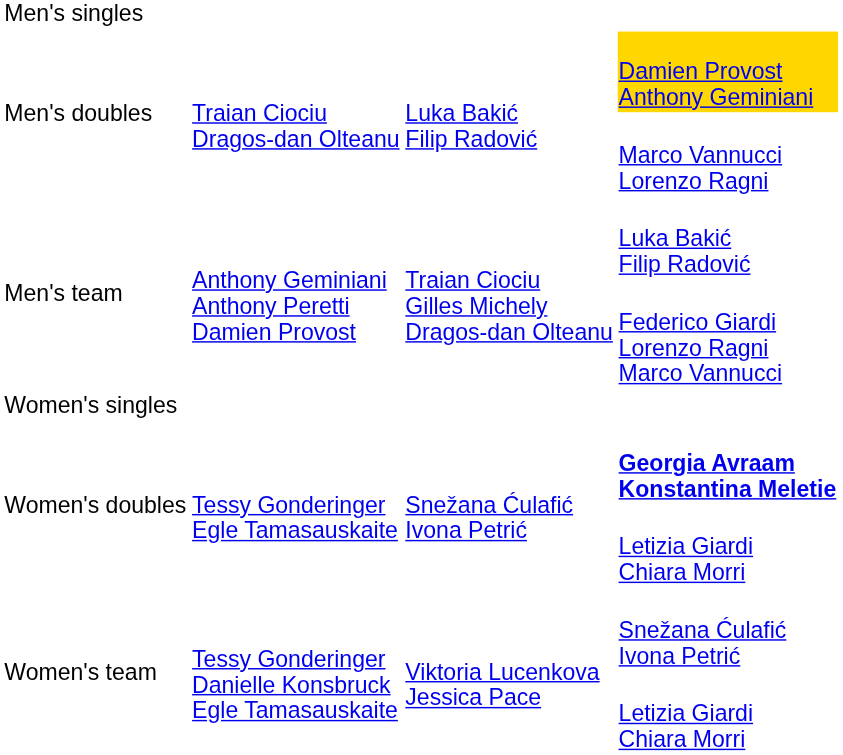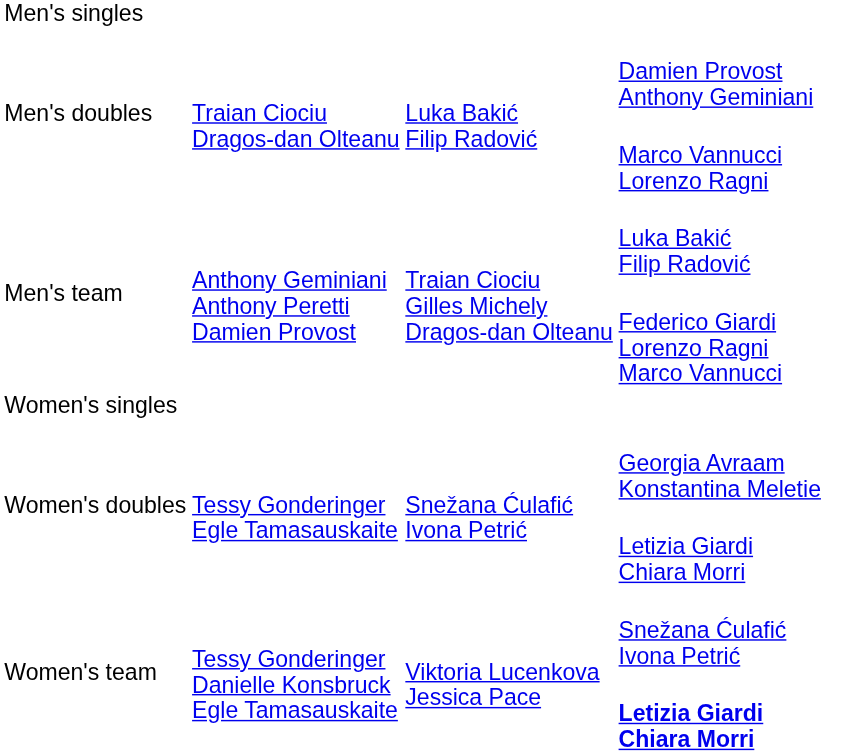 <table>
 <tr>
 <td rowspan=2>Men's singles</td>
 <td rowspan=2></td>
 <td rowspan=2></td>
 <td></td>
 </tr>
 <tr>
 <td></td>
 </tr>
 <tr>
 <td rowspan=2>Men's doubles</td>
 <td rowspan=2><br><a href='#'>Traian Ciociu</a><br><a href='#'>Dragos-dan Olteanu</a></td>
 <td rowspan=2><br><a href='#'>Luka Bakić</a><br><a href='#'>Filip Radović</a></td>
-<td style="background: gold;"><br><a href='#'>Damien Provost</a><br><a href='#'>Anthony Geminiani</a></td>
+<td><br><a href='#'>Damien Provost</a><br><a href='#'>Anthony Geminiani</a></td>
 </tr>
 <tr>
 <td><br><a href='#'>Marco Vannucci</a><br><a href='#'>Lorenzo Ragni</a></td>
 </tr>
 <tr>
 <td rowspan=2>Men's team</td>
 <td rowspan=2><br><a href='#'>Anthony Geminiani</a><br><a href='#'>Anthony Peretti</a><br><a href='#'>Damien Provost</a></td>
 <td rowspan=2><br><a href='#'>Traian Ciociu</a><br><a href='#'>Gilles Michely</a><br><a href='#'>Dragos-dan Olteanu</a></td>
 <td><br><a href='#'>Luka Bakić</a><br><a href='#'>Filip Radović</a></td>
 </tr>
 <tr>
 <td><br><a href='#'>Federico Giardi</a><br><a href='#'>Lorenzo Ragni</a><br><a href='#'>Marco Vannucci</a></td>
 </tr>
 <tr>
 <td rowspan=2>Women's singles</td>
 <td rowspan=2></td>
 <td rowspan=2></td>
 <td></td>
 </tr>
 <tr>
 <td></td>
 </tr>
 <tr>
 <td rowspan=2>Women's doubles</td>
 <td rowspan=2><br><a href='#'>Tessy Gonderinger</a><br><a href='#'>Egle Tamasauskaite</a></td>
 <td rowspan=2><br><a href='#'>Snežana Ćulafić</a><br><a href='#'>Ivona Petrić</a></td>
-<td><strong><br><a href='#'>Georgia Avraam</a><br><a href='#'>Konstantina Meletie</a></strong></td>
+<td><br><a href='#'>Georgia Avraam</a><br><a href='#'>Konstantina Meletie</a></td>
 </tr>
 <tr>
 <td><br><a href='#'>Letizia Giardi</a><br><a href='#'>Chiara Morri</a></td>
 </tr>
 <tr>
 <td rowspan=2>Women's team</td>
 <td rowspan=2><br><a href='#'>Tessy Gonderinger</a><br><a href='#'>Danielle Konsbruck</a><br><a href='#'>Egle Tamasauskaite</a></td>
 <td rowspan=2><br><a href='#'>Viktoria Lucenkova</a><br><a href='#'>Jessica Pace</a></td>
 <td><br><a href='#'>Snežana Ćulafić</a><br><a href='#'>Ivona Petrić</a></td>
 </tr>
 <tr>
-<td><br><a href='#'>Letizia Giardi</a><br><a href='#'>Chiara Morri</a></td>
+<td><strong><br><a href='#'>Letizia Giardi</a><br><a href='#'>Chiara Morri</a></strong></td>
 </tr>
 </table>
